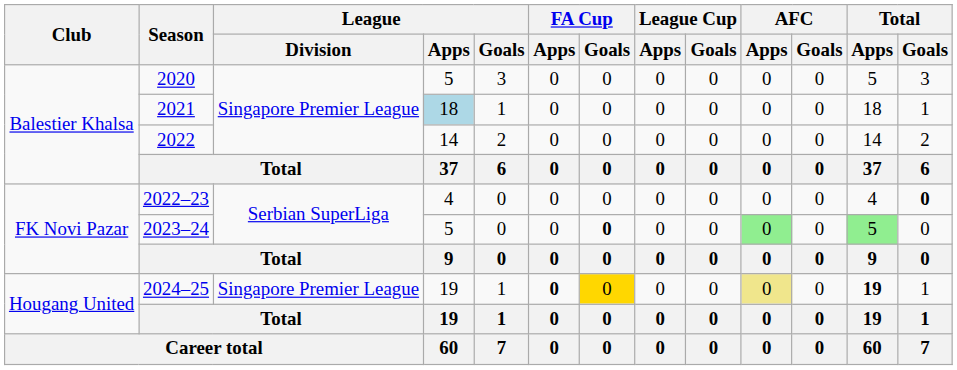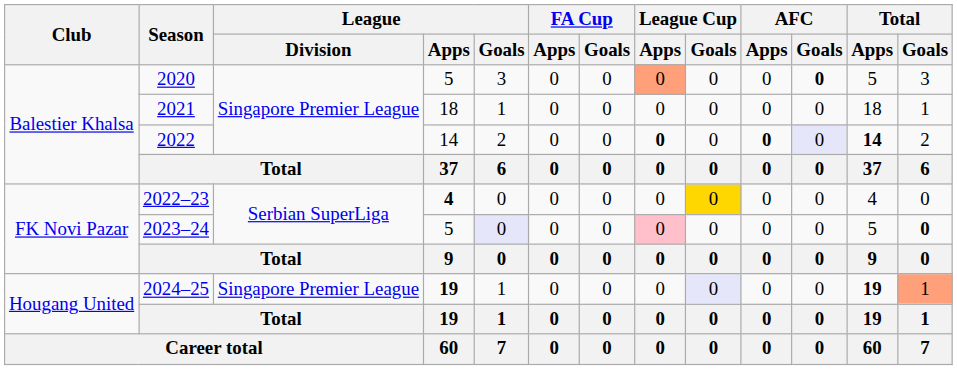 <table class="wikitable" style="text-align: center">
 <tr>
 <th rowspan="2">Club</th>
 <th rowspan="2">Season</th>
 <th colspan="3">League</th>
 <th colspan="2"><a href='#'>FA Cup</a></th>
 <th colspan="2">League Cup</th>
 <th colspan="2">AFC</th>
 <th colspan="2">Total</th>
 </tr>
 <tr>
 <th>Division</th>
 <th>Apps</th>
 <th>Goals</th>
 <th>Apps</th>
 <th>Goals</th>
 <th>Apps</th>
 <th>Goals</th>
 <th>Apps</th>
 <th>Goals</th>
 <th>Apps</th>
 <th>Goals</th>
 </tr>
 <tr>
 <td rowspan="4"><a href='#'>Balestier Khalsa</a></td>
 <td><a href='#'>2020</a></td>
 <td rowspan="3"><a href='#'>Singapore Premier League</a></td>
 <td>5</td>
 <td>3</td>
 <td>0</td>
 <td>0</td>
+<td style="background: lightsalmon;">0</td>
 <td>0</td>
 <td>0</td>
-<td>0</td>
-<td>0</td>
+<td><strong>0</strong></td>
 <td>5</td>
 <td>3</td>
 </tr>
 <tr>
 <td><a href='#'>2021</a></td>
-<td style="background: lightblue;">18</td>
+<td>18</td>
 <td>1</td>
 <td>0</td>
 <td>0</td>
 <td>0</td>
 <td>0</td>
 <td>0</td>
 <td>0</td>
 <td>18</td>
 <td>1</td>
 </tr>
 <tr>
 <td><a href='#'>2022</a></td>
 <td>14</td>
 <td>2</td>
 <td>0</td>
 <td>0</td>
+<td><strong>0</strong></td>
 <td>0</td>
-<td>0</td>
-<td>0</td>
-<td>0</td>
-<td>14</td>
+<td><strong>0</strong></td>
+<td style="background: lavender;">0</td>
+<td><strong>14</strong></td>
 <td>2</td>
 </tr>
 <tr>
 <th colspan=2>Total</th>
 <th>37</th>
 <th>6</th>
 <th>0</th>
 <th>0</th>
 <th>0</th>
 <th>0</th>
 <th>0</th>
 <th>0</th>
 <th>37</th>
 <th>6</th>
 </tr>
 <tr>
 <td rowspan="3"><a href='#'>FK Novi Pazar</a></td>
 <td><a href='#'>2022–23</a></td>
 <td rowspan="2"><a href='#'>Serbian SuperLiga</a></td>
-<td>4</td>
+<td><strong>4</strong></td>
 <td>0</td>
 <td>0</td>
 <td>0</td>
 <td>0</td>
-<td>0</td>
+<td style="background: gold;">0</td>
 <td>0</td>
 <td>0</td>
 <td>4</td>
-<td><strong>0</strong></td>
+<td>0</td>
 </tr>
 <tr>
 <td><a href='#'>2023–24</a></td>
 <td>5</td>
+<td style="background: lavender;">0</td>
 <td>0</td>
 <td>0</td>
-<td><strong>0</strong></td>
+<td style="background: pink;">0</td>
 <td>0</td>
 <td>0</td>
-<td style="background: lightgreen;">0</td>
 <td>0</td>
-<td style="background: lightgreen;">5</td>
-<td>0</td>
+<td>5</td>
+<td><strong>0</strong></td>
 </tr>
 <tr>
 <th colspan=2>Total</th>
 <th>9</th>
 <th>0</th>
 <th>0</th>
 <th>0</th>
 <th>0</th>
 <th>0</th>
 <th>0</th>
 <th>0</th>
 <th>9</th>
 <th>0</th>
 </tr>
 <tr>
 <td rowspan="2"><a href='#'>Hougang United</a></td>
 <td><a href='#'>2024–25</a></td>
 <td><a href='#'>Singapore Premier League</a></td>
-<td>19</td>
+<td><strong>19</strong></td>
 <td>1</td>
-<td><strong>0</strong></td>
-<td style="background: gold;">0</td>
 <td>0</td>
 <td>0</td>
-<td style="background: khaki;">0</td>
+<td>0</td>
+<td style="background: lavender;">0</td>
+<td>0</td>
 <td>0</td>
 <td><strong>19</strong></td>
-<td>1</td>
+<td style="background: lightsalmon;">1</td>
 </tr>
 <tr>
 <th colspan=2>Total</th>
 <th>19</th>
 <th>1</th>
 <th>0</th>
 <th>0</th>
 <th>0</th>
 <th>0</th>
 <th>0</th>
 <th>0</th>
 <th>19</th>
 <th>1</th>
 </tr>
 <tr>
 <th colspan=3>Career total</th>
 <th>60</th>
 <th>7</th>
 <th>0</th>
 <th>0</th>
 <th>0</th>
 <th>0</th>
 <th>0</th>
 <th>0</th>
 <th>60</th>
 <th>7</th>
 </tr>
 </table>
